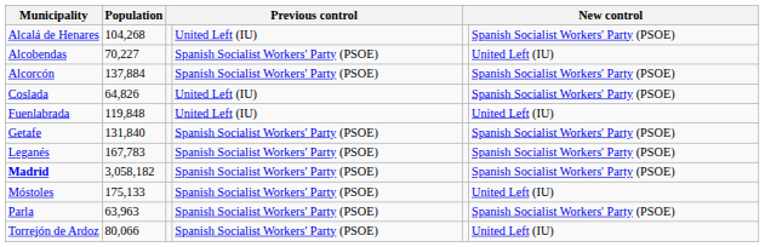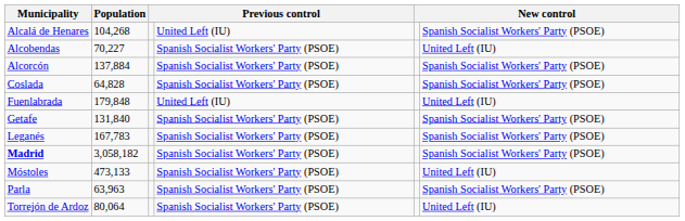 <table class="wikitable sortable">
 <tr>
 <th>Municipality</th>
 <th>Population</th>
 <th colspan="2" style="width:375px;">Previous control</th>
 <th colspan="2" style="width:375px;">New control</th>
 </tr>
 <tr>
 <td><a href='#'>Alcalá de Henares</a></td>
 <td>104,268</td>
 <td width="1" style="color:inherit;background:"></td>
 <td><a href='#'>United Left</a> (IU)</td>
 <td width="1" style="color:inherit;background:"></td>
 <td><a href='#'>Spanish Socialist Workers' Party</a> (PSOE)</td>
 </tr>
 <tr>
 <td><a href='#'>Alcobendas</a></td>
 <td>70,227</td>
 <td style="color:inherit;background:"></td>
 <td><a href='#'>Spanish Socialist Workers' Party</a> (PSOE)</td>
 <td style="color:inherit;background:"></td>
 <td><a href='#'>United Left</a> (IU)</td>
 </tr>
 <tr>
 <td><a href='#'>Alcorcón</a></td>
 <td>137,884</td>
 <td style="color:inherit;background:"></td>
 <td><a href='#'>Spanish Socialist Workers' Party</a> (PSOE)</td>
 <td style="color:inherit;background:"></td>
 <td><a href='#'>Spanish Socialist Workers' Party</a> (PSOE)</td>
 </tr>
 <tr>
 <td><a href='#'>Coslada</a></td>
-<td>64,826</td>
+<td>64,828</td>
 <td style="color:inherit;background:"></td>
-<td><a href='#'>United Left</a> (IU)</td>
+<td><a href='#'>Spanish Socialist Workers' Party</a> (PSOE)</td>
 <td style="color:inherit;background:"></td>
 <td><a href='#'>Spanish Socialist Workers' Party</a> (PSOE)</td>
 </tr>
 <tr>
 <td><a href='#'>Fuenlabrada</a></td>
-<td>119,848</td>
+<td>179,848</td>
 <td style="color:inherit;background:"></td>
 <td><a href='#'>United Left</a> (IU)</td>
 <td style="color:inherit;background:"></td>
 <td><a href='#'>United Left</a> (IU)</td>
 </tr>
 <tr>
 <td><a href='#'>Getafe</a></td>
 <td>131,840</td>
 <td style="color:inherit;background:"></td>
 <td><a href='#'>Spanish Socialist Workers' Party</a> (PSOE)</td>
 <td style="color:inherit;background:"></td>
 <td><a href='#'>Spanish Socialist Workers' Party</a> (PSOE)</td>
 </tr>
 <tr>
 <td><a href='#'>Leganés</a></td>
 <td>167,783</td>
 <td style="color:inherit;background:"></td>
 <td><a href='#'>Spanish Socialist Workers' Party</a> (PSOE)</td>
 <td style="color:inherit;background:"></td>
 <td><a href='#'>Spanish Socialist Workers' Party</a> (PSOE)</td>
 </tr>
 <tr>
 <td><strong><a href='#'>Madrid</a></strong></td>
 <td>3,058,182</td>
 <td style="color:inherit;background:"></td>
 <td><a href='#'>Spanish Socialist Workers' Party</a> (PSOE)</td>
 <td style="color:inherit;background:"></td>
 <td><a href='#'>Spanish Socialist Workers' Party</a> (PSOE) </td>
 </tr>
 <tr>
 <td><a href='#'>Móstoles</a></td>
-<td>175,133</td>
+<td>473,133</td>
 <td style="color:inherit;background:"></td>
 <td><a href='#'>Spanish Socialist Workers' Party</a> (PSOE)</td>
 <td style="color:inherit;background:"></td>
 <td><a href='#'>United Left</a> (IU)</td>
 </tr>
 <tr>
 <td><a href='#'>Parla</a></td>
 <td>63,963</td>
 <td style="color:inherit;background:"></td>
 <td><a href='#'>Spanish Socialist Workers' Party</a> (PSOE)</td>
 <td style="color:inherit;background:"></td>
 <td><a href='#'>Spanish Socialist Workers' Party</a> (PSOE)</td>
 </tr>
 <tr>
 <td><a href='#'>Torrejón de Ardoz</a></td>
-<td>80,066</td>
+<td>80,064</td>
 <td style="color:inherit;background:"></td>
 <td><a href='#'>Spanish Socialist Workers' Party</a> (PSOE)</td>
 <td style="color:inherit;background:"></td>
 <td><a href='#'>United Left</a> (IU)</td>
 </tr>
 </table>
